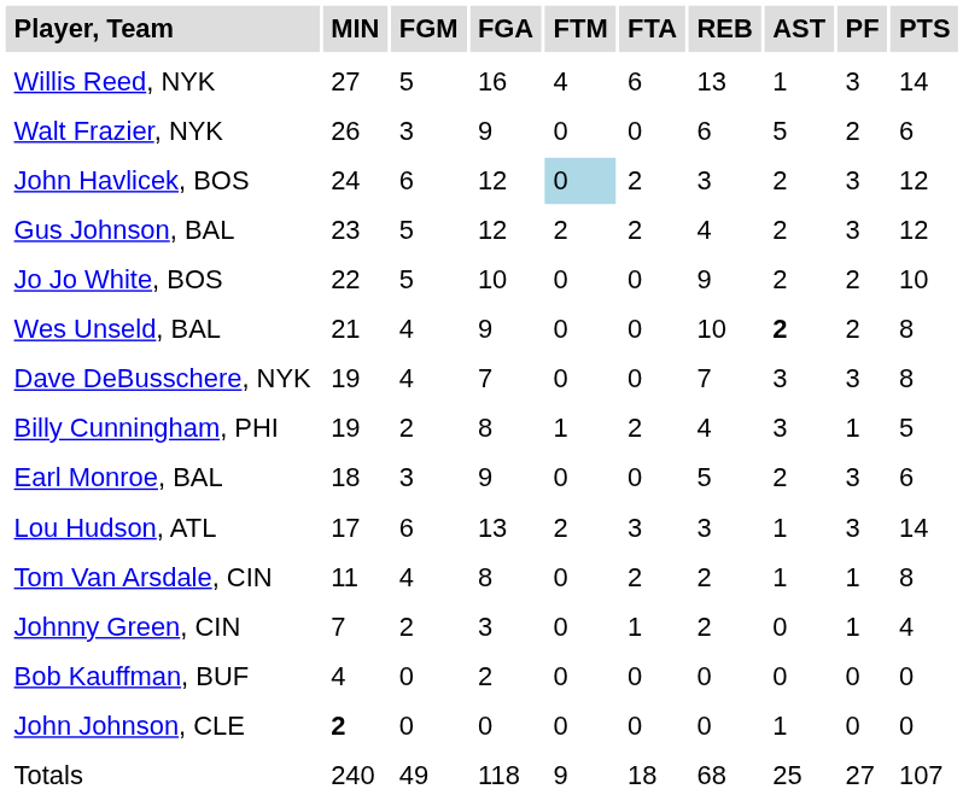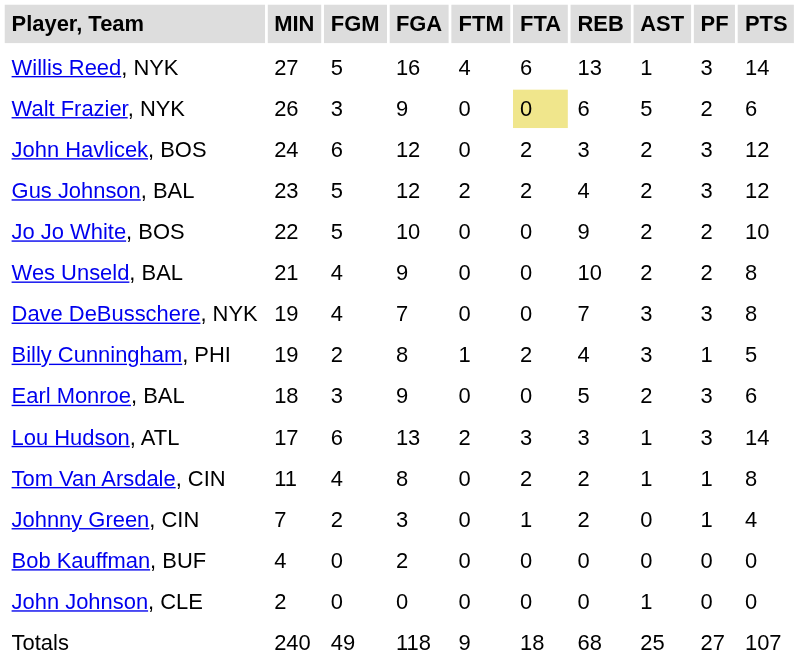 <table cellpadding=5>
 <tr bgcolor="#dddddd">
 <td><strong>Player, Team</strong></td>
 <td><strong>MIN</strong></td>
 <td><strong>FGM</strong></td>
 <td><strong>FGA</strong></td>
 <td><strong>FTM</strong></td>
 <td><strong>FTA</strong></td>
 <td><strong>REB</strong></td>
 <td><strong>AST</strong></td>
 <td><strong>PF</strong></td>
 <td><strong>PTS</strong></td>
 </tr>
 <tr bgcolor="#eeeeee">
 </tr>
 <tr>
 <td><a href='#'>Willis Reed</a>, NYK</td>
 <td>27</td>
 <td>5</td>
 <td>16</td>
 <td>4</td>
 <td>6</td>
 <td>13</td>
 <td>1</td>
 <td>3</td>
 <td>14</td>
 </tr>
 <tr>
 <td><a href='#'>Walt Frazier</a>, NYK</td>
 <td>26</td>
 <td>3</td>
 <td>9</td>
 <td>0</td>
-<td>0</td>
+<td style="background: khaki;">0</td>
 <td>6</td>
 <td>5</td>
 <td>2</td>
 <td>6</td>
 </tr>
 <tr>
 <td><a href='#'>John Havlicek</a>, BOS</td>
 <td>24</td>
 <td>6</td>
 <td>12</td>
-<td style="background: lightblue;">0</td>
+<td>0</td>
 <td>2</td>
 <td>3</td>
 <td>2</td>
 <td>3</td>
 <td>12</td>
 </tr>
 <tr>
 <td><a href='#'>Gus Johnson</a>, BAL</td>
 <td>23</td>
 <td>5</td>
 <td>12</td>
 <td>2</td>
 <td>2</td>
 <td>4</td>
 <td>2</td>
 <td>3</td>
 <td>12</td>
 </tr>
 <tr>
 <td><a href='#'>Jo Jo White</a>, BOS</td>
 <td>22</td>
 <td>5</td>
 <td>10</td>
 <td>0</td>
 <td>0</td>
 <td>9</td>
 <td>2</td>
 <td>2</td>
 <td>10</td>
 </tr>
 <tr>
 <td><a href='#'>Wes Unseld</a>, BAL</td>
 <td>21</td>
 <td>4</td>
 <td>9</td>
 <td>0</td>
 <td>0</td>
 <td>10</td>
-<td><strong>2</strong></td>
+<td>2</td>
 <td>2</td>
 <td>8</td>
 </tr>
 <tr>
 <td><a href='#'>Dave DeBusschere</a>, NYK</td>
 <td>19</td>
 <td>4</td>
 <td>7</td>
 <td>0</td>
 <td>0</td>
 <td>7</td>
 <td>3</td>
 <td>3</td>
 <td>8</td>
 </tr>
 <tr>
 <td><a href='#'>Billy Cunningham</a>, PHI</td>
 <td>19</td>
 <td>2</td>
 <td>8</td>
 <td>1</td>
 <td>2</td>
 <td>4</td>
 <td>3</td>
 <td>1</td>
 <td>5</td>
 </tr>
 <tr>
 <td><a href='#'>Earl Monroe</a>, BAL</td>
 <td>18</td>
 <td>3</td>
 <td>9</td>
 <td>0</td>
 <td>0</td>
 <td>5</td>
 <td>2</td>
 <td>3</td>
 <td>6</td>
 </tr>
 <tr>
 <td><a href='#'>Lou Hudson</a>, ATL</td>
 <td>17</td>
 <td>6</td>
 <td>13</td>
 <td>2</td>
 <td>3</td>
 <td>3</td>
 <td>1</td>
 <td>3</td>
 <td>14</td>
 </tr>
 <tr>
 <td><a href='#'>Tom Van Arsdale</a>, CIN</td>
 <td>11</td>
 <td>4</td>
 <td>8</td>
 <td>0</td>
 <td>2</td>
 <td>2</td>
 <td>1</td>
 <td>1</td>
 <td>8</td>
 </tr>
 <tr>
 <td><a href='#'>Johnny Green</a>, CIN</td>
 <td>7</td>
 <td>2</td>
 <td>3</td>
 <td>0</td>
 <td>1</td>
 <td>2</td>
 <td>0</td>
 <td>1</td>
 <td>4</td>
 </tr>
 <tr>
 <td><a href='#'>Bob Kauffman</a>, BUF</td>
 <td>4</td>
 <td>0</td>
 <td>2</td>
 <td>0</td>
 <td>0</td>
 <td>0</td>
 <td>0</td>
 <td>0</td>
 <td>0</td>
 </tr>
 <tr>
 <td><a href='#'>John Johnson</a>, CLE</td>
-<td><strong>2</strong></td>
+<td>2</td>
 <td>0</td>
 <td>0</td>
 <td>0</td>
 <td>0</td>
 <td>0</td>
 <td>1</td>
 <td>0</td>
 <td>0</td>
 </tr>
 <tr>
 <td>Totals</td>
 <td>240</td>
 <td>49</td>
 <td>118</td>
 <td>9</td>
 <td>18</td>
 <td>68</td>
 <td>25</td>
 <td>27</td>
 <td>107</td>
 </tr>
 <tr>
 </tr>
 </table>
